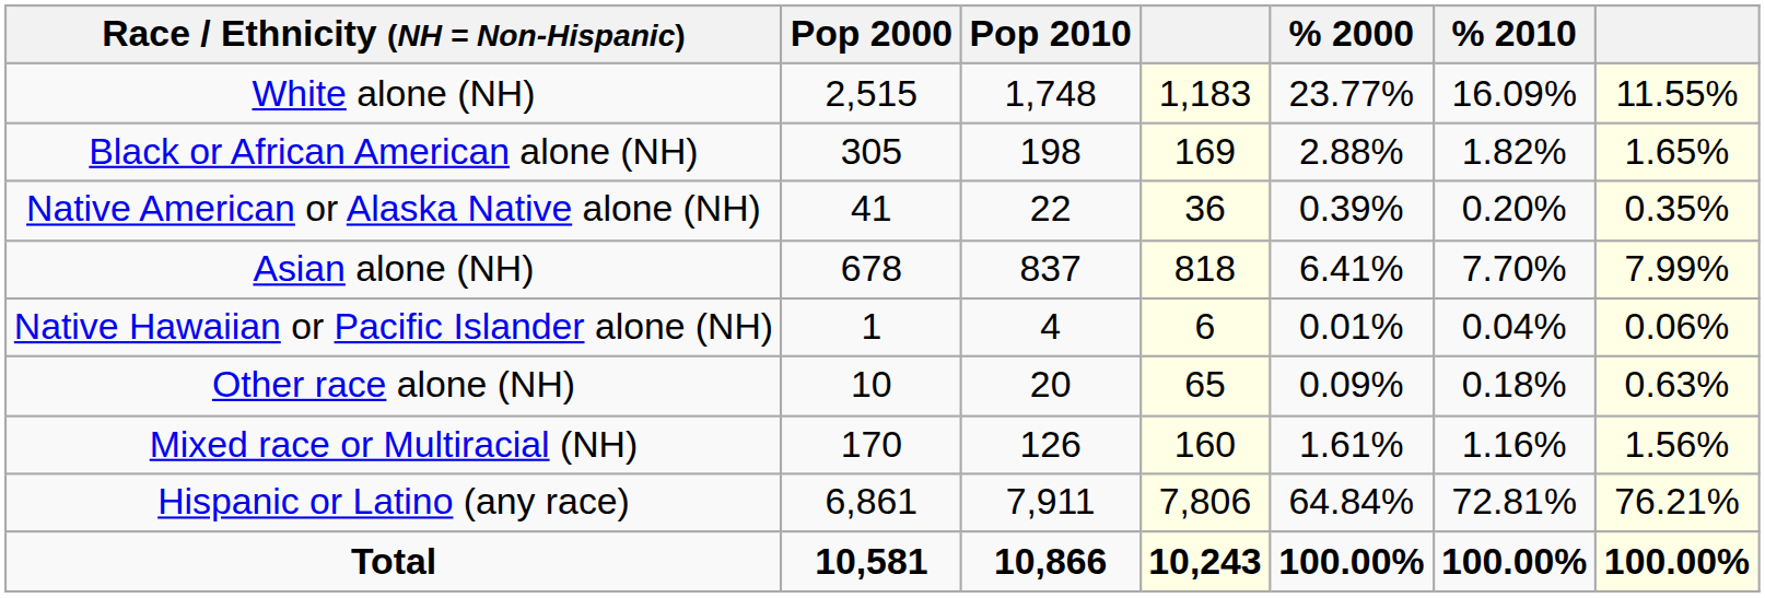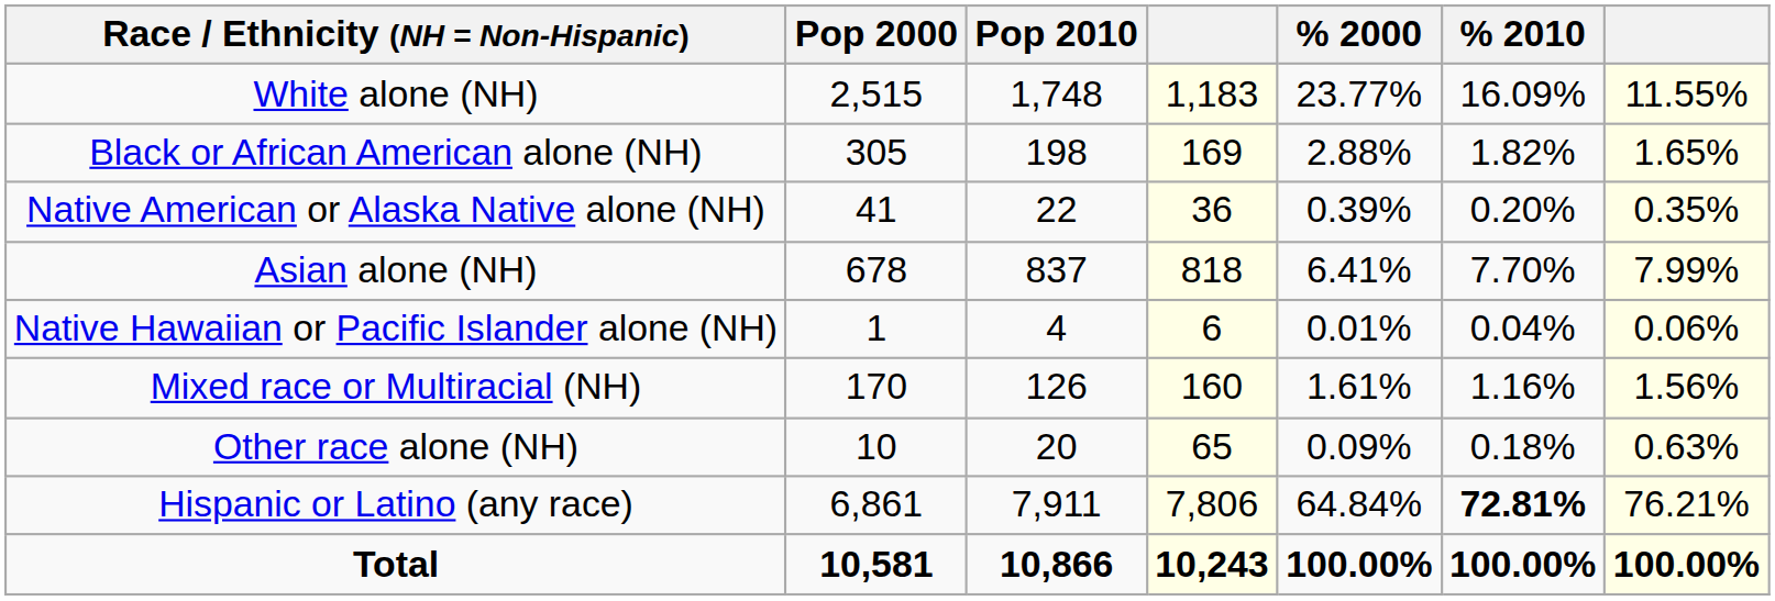 <table class="wikitable" style="text-align:center;">
 <tr>
 <th>Race / Ethnicity <small>(<em>NH = Non-Hispanic</em>)</small></th>
 <th>Pop 2000</th>
 <th>Pop 2010</th>
 <th></th>
 <th>% 2000</th>
 <th>% 2010</th>
 <th></th>
 </tr>
 <tr>
 <td><a href='#'>White</a> alone (NH)</td>
 <td>2,515</td>
 <td>1,748</td>
 <td style='background: #ffffe6;'>1,183</td>
 <td>23.77%</td>
 <td>16.09%</td>
 <td style='background: #ffffe6;'>11.55%</td>
 </tr>
 <tr>
 <td><a href='#'>Black or African American</a> alone (NH)</td>
 <td>305</td>
 <td>198</td>
 <td style='background: #ffffe6;'>169</td>
 <td>2.88%</td>
 <td>1.82%</td>
 <td style='background: #ffffe6;'>1.65%</td>
 </tr>
 <tr>
 <td><a href='#'>Native American</a> or <a href='#'>Alaska Native</a> alone (NH)</td>
 <td>41</td>
 <td>22</td>
 <td style='background: #ffffe6;'>36</td>
 <td>0.39%</td>
 <td>0.20%</td>
 <td style='background: #ffffe6;'>0.35%</td>
 </tr>
 <tr>
 <td><a href='#'>Asian</a> alone (NH)</td>
 <td>678</td>
 <td>837</td>
 <td style='background: #ffffe6;'>818</td>
 <td>6.41%</td>
 <td>7.70%</td>
 <td style='background: #ffffe6;'>7.99%</td>
 </tr>
 <tr>
 <td><a href='#'>Native Hawaiian</a> or <a href='#'>Pacific Islander</a> alone (NH)</td>
 <td>1</td>
 <td>4</td>
 <td style='background: #ffffe6;'>6</td>
 <td>0.01%</td>
 <td>0.04%</td>
 <td style='background: #ffffe6;'>0.06%</td>
 </tr>
 <tr>
+<td><a href='#'>Mixed race or Multiracial</a> (NH)</td>
+<td>170</td>
+<td>126</td>
+<td style='background: #ffffe6;'>160</td>
+<td>1.61%</td>
+<td>1.16%</td>
+<td style='background: #ffffe6;'>1.56%</td>
+</tr>
+<tr>
 <td><a href='#'>Other race</a> alone (NH)</td>
 <td>10</td>
 <td>20</td>
 <td style='background: #ffffe6;'>65</td>
 <td>0.09%</td>
 <td>0.18%</td>
 <td style='background: #ffffe6;'>0.63%</td>
 </tr>
 <tr>
-<td><a href='#'>Mixed race or Multiracial</a> (NH)</td>
-<td>170</td>
-<td>126</td>
-<td style='background: #ffffe6;'>160</td>
-<td>1.61%</td>
-<td>1.16%</td>
-<td style='background: #ffffe6;'>1.56%</td>
-</tr>
-<tr>
 <td><a href='#'>Hispanic or Latino</a> (any race)</td>
 <td>6,861</td>
 <td>7,911</td>
 <td style='background: #ffffe6;'>7,806</td>
 <td>64.84%</td>
-<td>72.81%</td>
+<td><strong>72.81%</strong></td>
 <td style='background: #ffffe6;'>76.21%</td>
 </tr>
 <tr>
 <td><strong>Total</strong></td>
 <td><strong>10,581</strong></td>
 <td><strong>10,866</strong></td>
 <td style='background: #ffffe6;'><strong>10,243</strong></td>
 <td><strong>100.00%</strong></td>
 <td><strong>100.00%</strong></td>
 <td style='background: #ffffe6;'><strong>100.00%</strong></td>
 </tr>
 </table>
